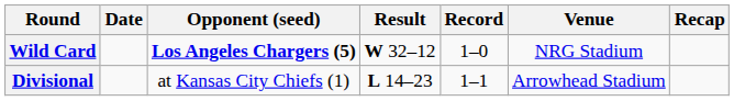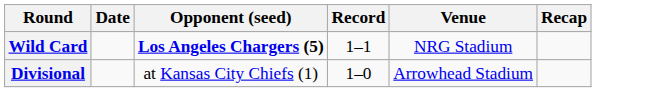 <table class="wikitable" style="text-align:center">
 <tr>
 <th>Round</th>
 <th>Date</th>
 <th>Opponent (seed)</th>
-<th>Result</th>
 <th>Record</th>
 <th>Venue</th>
 <th>Recap</th>
 </tr>
 <tr>
 <th><a href='#'>Wild Card</a></th>
 <td></td>
 <td><strong><a href='#'>Los Angeles Chargers</a> (5)</strong></td>
-<td><strong>W</strong> 32–12</td>
-<td>1–0</td>
+<td>1–1</td>
 <td><a href='#'>NRG Stadium</a></td>
 <td></td>
 </tr>
 <tr>
 <th><a href='#'>Divisional</a></th>
 <td></td>
 <td>at <a href='#'>Kansas City Chiefs</a> (1)</td>
-<td><strong>L</strong> 14–23</td>
-<td>1–1</td>
+<td>1–0</td>
 <td><a href='#'>Arrowhead Stadium</a></td>
 <td></td>
 </tr>
 </table>
